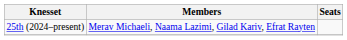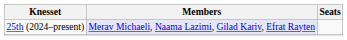 <table class="wikitable">
 <tr>
 <th>Knesset</th>
 <th>Members</th>
 <th>Seats</th>
 </tr>
 <tr>
 <td><a href='#'>25th</a> (2024–present)</td>
-<td><a href='#'>Merav Michaeli</a>, <a href='#'>Naama Lazimi</a>, <a href='#'>Gilad Kariv</a>, <a href='#'>Efrat Rayten</a></td>
+<td style="background: lavender;"><a href='#'>Merav Michaeli</a>, <a href='#'>Naama Lazimi</a>, <a href='#'>Gilad Kariv</a>, <a href='#'>Efrat Rayten</a></td>
 <td></td>
 </tr>
 <tr>
 </tr>
 </table>
